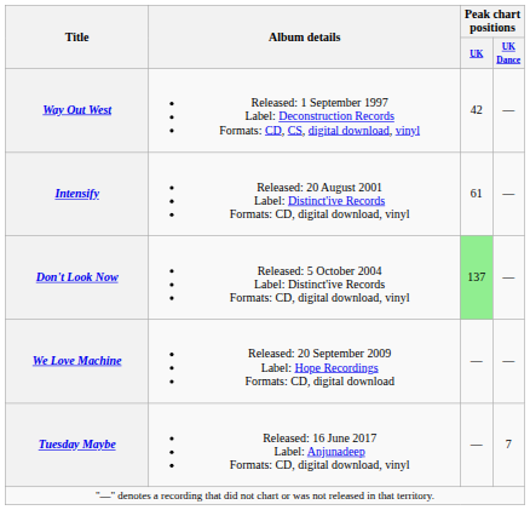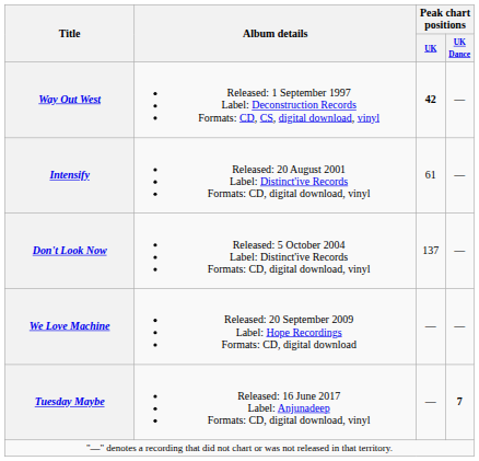 <table class="wikitable plainrowheaders" style="text-align:center;">
 <tr>
 <th scope="col" rowspan="2" style="width:11.5em;">Title</th>
 <th scope="col" rowspan="2" style="width:25.5em;">Album details</th>
 <th scope="col" colspan="2">Peak chart positions</th>
 </tr>
 <tr>
 <th scope="col" style="width:2.5em;font-size:90%;"><small><a href='#'>UK</a></small><br></th>
 <th scope="col" style="width:2.5em;font-size:90%;"><small><a href='#'>UK<br>Dance</a></small><br></th>
 </tr>
 <tr>
 <th scope="row"><em><a href='#'>Way Out West</a></em></th>
 <td><br><ul><li>Released: 1 September 1997</li><li>Label: <a href='#'>Deconstruction Records</a></li><li>Formats: <a href='#'>CD</a>, <a href='#'>CS</a>, <a href='#'>digital download</a>, <a href='#'>vinyl</a></li></ul></td>
-<td>42</td>
+<td><strong>42</strong></td>
 <td>—</td>
 </tr>
 <tr>
 <th scope="row"><em><a href='#'>Intensify</a></em></th>
 <td><br><ul><li>Released: 20 August 2001</li><li>Label: <a href='#'>Distinct'ive Records</a></li><li>Formats: CD, digital download, vinyl</li></ul></td>
 <td>61</td>
 <td>—</td>
 </tr>
 <tr>
 <th scope="row"><em><a href='#'>Don't Look Now</a></em></th>
 <td><br><ul><li>Released: 5 October 2004</li><li>Label: Distinct'ive Records</li><li>Formats: CD, digital download, vinyl</li></ul></td>
-<td style="background: lightgreen;">137</td>
+<td>137</td>
 <td>—</td>
 </tr>
 <tr>
 <th scope="row"><em><a href='#'>We Love Machine</a></em></th>
 <td><br><ul><li>Released: 20 September 2009</li><li>Label: <a href='#'>Hope Recordings</a></li><li>Formats: CD, digital download</li></ul></td>
 <td>—</td>
 <td>—</td>
 </tr>
 <tr>
 <th scope="row"><em><a href='#'>Tuesday Maybe</a></em></th>
 <td><br><ul><li>Released: 16 June 2017</li><li>Label: <a href='#'>Anjunadeep</a></li><li>Formats: CD, digital download, vinyl</li></ul></td>
 <td>—</td>
-<td>7</td>
+<td><strong>7</strong></td>
 </tr>
 <tr>
 <td colspan="12" style="font-size:90%">"—" denotes a recording that did not chart or was not released in that territory.</td>
 </tr>
 </table>
